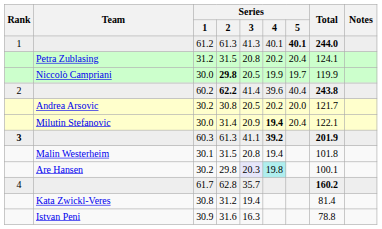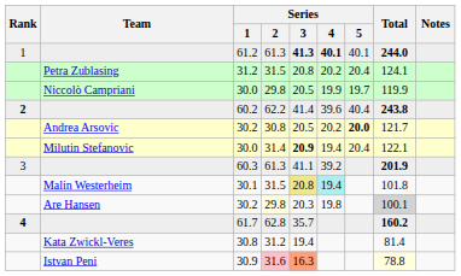 <table class="wikitable" style="text-align:center">
 <tr>
 <th rowspan=2 width=40>Rank</th>
 <th rowspan=2 width=250>Team</th>
 <th colspan=5>Series</th>
 <th rowspan=2 width=50>Total</th>
 <th rowspan=2 width=45>Notes</th>
 </tr>
 <tr>
 <th width=30>1</th>
 <th width=30>2</th>
 <th width=30>3</th>
 <th width=30>4</th>
 <th width=30>5</th>
 </tr>
 <tr bgcolor=eeeeee>
 <td>1</td>
 <td align=left></td>
 <td>61.2</td>
 <td>61.3</td>
-<td>41.3</td>
+<td><strong>41.3</strong></td>
+<td><strong>40.1</strong></td>
 <td>40.1</td>
-<td><strong>40.1</strong></td>
 <td><strong>244.0</strong></td>
 <td></td>
 </tr>
 <tr bgcolor=ccffcc>
 <td></td>
 <td align=left><a href='#'>Petra Zublasing</a></td>
 <td>31.2</td>
 <td>31.5</td>
 <td>20.8</td>
 <td>20.2</td>
 <td>20.4</td>
 <td>124.1</td>
 <td></td>
 </tr>
 <tr bgcolor=ccffcc>
 <td></td>
 <td align=left><a href='#'>Niccolò Campriani</a></td>
 <td>30.0</td>
-<td><strong>29.8</strong></td>
+<td>29.8</td>
 <td>20.5</td>
 <td>19.9</td>
 <td>19.7</td>
 <td>119.9</td>
 <td></td>
 </tr>
 <tr bgcolor=eeeeee>
-<td>2</td>
+<td><strong>2</strong></td>
 <td align=left></td>
 <td>60.2</td>
-<td><strong>62.2</strong></td>
+<td>62.2</td>
 <td>41.4</td>
 <td>39.6</td>
 <td>40.4</td>
 <td><strong>243.8</strong></td>
 <td></td>
 </tr>
 <tr bgcolor=ffffcc>
 <td></td>
 <td align=left><a href='#'>Andrea Arsovic</a></td>
 <td>30.2</td>
 <td>30.8</td>
 <td>20.5</td>
 <td>20.2</td>
-<td>20.0</td>
+<td><strong>20.0</strong></td>
 <td>121.7</td>
 <td></td>
 </tr>
 <tr bgcolor=ffffcc>
 <td></td>
 <td align=left><a href='#'>Milutin Stefanovic</a></td>
 <td>30.0</td>
 <td>31.4</td>
-<td>20.9</td>
-<td><strong>19.4</strong></td>
+<td><strong>20.9</strong></td>
+<td>19.4</td>
 <td>20.4</td>
 <td>122.1</td>
 <td></td>
 </tr>
 <tr bgcolor=eeeeee>
-<td><strong>3</strong></td>
+<td>3</td>
 <td align=left></td>
 <td>60.3</td>
 <td>61.3</td>
 <td>41.1</td>
-<td><strong>39.2</strong></td>
+<td>39.2</td>
 <td></td>
 <td><strong>201.9</strong></td>
 <td></td>
 </tr>
 <tr>
 <td></td>
 <td align=left><a href='#'>Malin Westerheim</a></td>
 <td>30.1</td>
 <td>31.5</td>
-<td>20.8</td>
-<td>19.4</td>
+<td style="background: khaki;">20.8</td>
+<td style="background: paleturquoise;">19.4</td>
 <td></td>
 <td>101.8</td>
 <td></td>
 </tr>
 <tr>
 <td></td>
 <td align=left><a href='#'>Are Hansen</a></td>
 <td>30.2</td>
-<td>29.8</td>
-<td style="background: lavender;">20.3</td>
-<td style="background: paleturquoise;">19.8</td>
+<td style="background: lightyellow;">29.8</td>
+<td>20.3</td>
+<td>19.8</td>
 <td></td>
-<td>100.1</td>
+<td style="background: lightgrey;">100.1</td>
 <td></td>
 </tr>
 <tr bgcolor=eeeeee>
-<td>4</td>
+<td><strong>4</strong></td>
 <td align=left></td>
 <td>61.7</td>
 <td>62.8</td>
 <td>35.7</td>
 <td></td>
 <td></td>
 <td><strong>160.2</strong></td>
 <td></td>
 </tr>
 <tr>
 <td></td>
 <td align=left><a href='#'>Kata Zwickl-Veres</a></td>
 <td>30.8</td>
 <td>31.2</td>
 <td>19.4</td>
 <td></td>
 <td></td>
 <td>81.4</td>
 <td></td>
 </tr>
 <tr>
 <td></td>
 <td align=left><a href='#'>Istvan Peni</a></td>
 <td>30.9</td>
-<td>31.6</td>
-<td>16.3</td>
+<td style="background: pink;">31.6</td>
+<td style="background: lightsalmon;">16.3</td>
 <td></td>
 <td></td>
-<td>78.8</td>
+<td style="background: lightyellow;">78.8</td>
 <td></td>
 </tr>
 </table>
